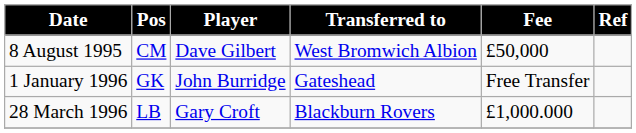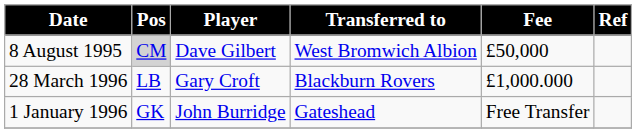 <table class="wikitable plainrowheaders sortable">
 <tr>
 <th style="background:#000000; color:#FFFFFF; ">Date</th>
 <th style="background:#000000; color:#FFFFff; ">Pos</th>
 <th style="background:#000000; color:#FFFFff; ">Player</th>
 <th style="background:#000000; color:#FFFFff; ">Transferred to</th>
 <th style="background:#000000; color:#FFFFff; ">Fee</th>
 <th style="background:#000000; color:#FFFFff; ">Ref</th>
 </tr>
 <tr>
 <td>8 August 1995</td>
-<td><a href='#'>CM</a></td>
+<td style="background: lightgrey;"><a href='#'>CM</a></td>
 <td> <a href='#'>Dave Gilbert</a></td>
 <td> <a href='#'>West Bromwich Albion</a></td>
 <td>£50,000</td>
+<td></td>
+</tr>
+<tr>
+<td>28 March 1996</td>
+<td><a href='#'>LB</a></td>
+<td> <a href='#'>Gary Croft</a></td>
+<td> <a href='#'>Blackburn Rovers</a></td>
+<td>£1,000.000</td>
 <td></td>
 </tr>
 <tr>
 <td>1 January 1996</td>
 <td><a href='#'>GK</a></td>
 <td> <a href='#'>John Burridge</a></td>
 <td> <a href='#'>Gateshead</a></td>
 <td>Free Transfer</td>
 <td></td>
 </tr>
 <tr>
-<td>28 March 1996</td>
-<td><a href='#'>LB</a></td>
-<td> <a href='#'>Gary Croft</a></td>
-<td> <a href='#'>Blackburn Rovers</a></td>
-<td>£1,000.000</td>
-<td></td>
-</tr>
-<tr>
 </tr>
 </table>
